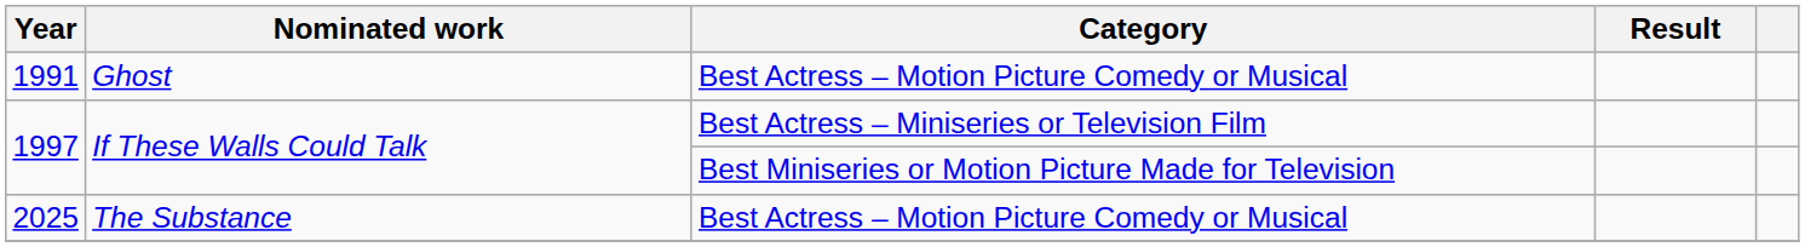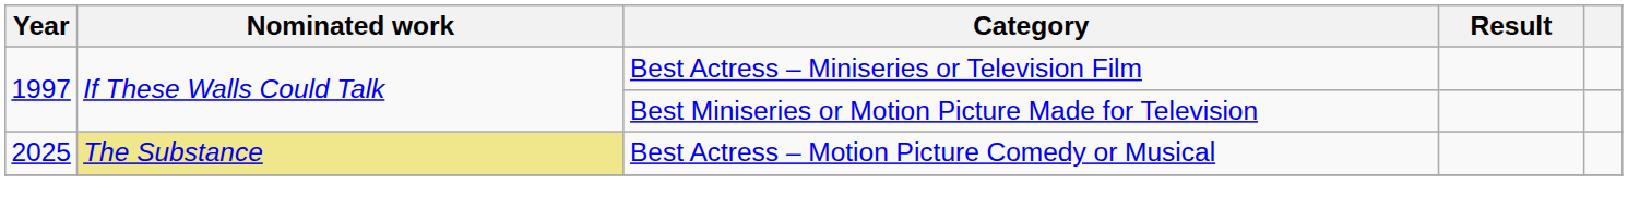 <table class="wikitable">
 <tr>
 <th scope="col" style="width:1em;">Year</th>
 <th scope="col" style="width:20em;">Nominated work</th>
 <th scope="col" style="width:30em;">Category</th>
 <th scope="col" style="width:5em;">Result</th>
 <th scope="col" style="width:1em;"></th>
-</tr>
-<tr>
-<td><a href='#'>1991</a></td>
-<td><a href='#'><em>Ghost</em></a></td>
-<td><a href='#'>Best Actress – Motion Picture Comedy or Musical</a></td>
-<td></td>
-<td style="text-align:center;"></td>
 </tr>
 <tr>
 <td rowspan="2"><a href='#'>1997</a></td>
 <td rowspan="2"><em><a href='#'>If These Walls Could Talk</a></em></td>
 <td><a href='#'>Best Actress – Miniseries or Television Film</a></td>
 <td></td>
 <td style="text-align:center;"></td>
 </tr>
 <tr>
 <td><a href='#'>Best Miniseries or Motion Picture Made for Television</a></td>
 <td></td>
 <td style="text-align:center;"></td>
 </tr>
 <tr>
 <td><a href='#'>2025</a></td>
-<td><em><a href='#'>The Substance</a></em></td>
+<td style="background: khaki;"><em><a href='#'>The Substance</a></em></td>
 <td><a href='#'>Best Actress – Motion Picture Comedy or Musical</a></td>
 <td></td>
 <td style="text-align:center;"></td>
 </tr>
 <tr>
 </tr>
 </table>
